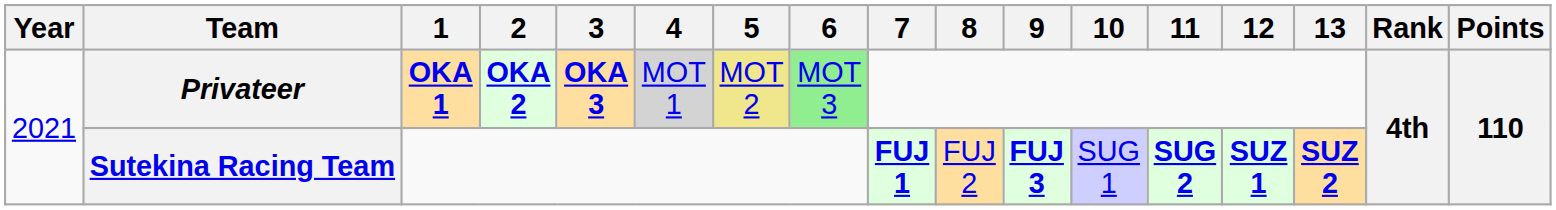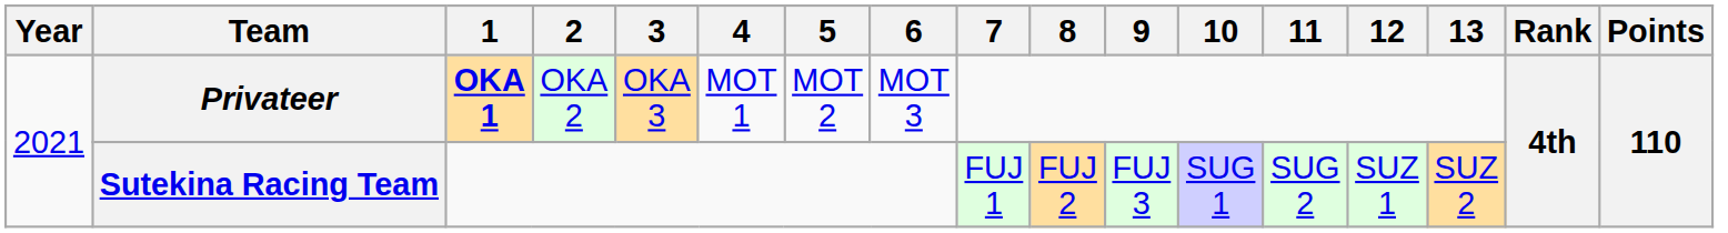 <table class="wikitable" style="text-align:center; font-size:85%">
 <tr>
 <th>Year</th>
 <th>Team</th>
 <th>1</th>
 <th>2</th>
 <th>3</th>
 <th>4</th>
 <th>5</th>
 <th>6</th>
 <th>7</th>
 <th>8</th>
 <th>9</th>
 <th>10</th>
 <th>11</th>
 <th>12</th>
 <th>13</th>
 <th>Rank</th>
 <th>Points</th>
 </tr>
 <tr>
 <td rowspan=2><a href='#'>2021</a></td>
 <th><em>Privateer</em></th>
 <td style="background:#FFDF9F"><strong><a href='#'>OKA<br>1</a></strong><br></td>
-<td style="background:#DFFFDF"><strong><a href='#'>OKA<br>2</a><br></strong></td>
-<td style="background:#FFDF9F"><strong><a href='#'>OKA<br>3</a><br></strong></td>
-<td style="background: lightgrey;"><a href='#'>MOT<br>1</a></td>
-<td style="background: khaki;"><a href='#'>MOT<br>2</a></td>
-<td style="background: lightgreen;"><a href='#'>MOT<br>3</a></td>
+<td style="background:#DFFFDF"><a href='#'>OKA<br>2</a><br></td>
+<td style="background:#FFDF9F"><a href='#'>OKA<br>3</a><br></td>
+<td><a href='#'>MOT<br>1</a></td>
+<td><a href='#'>MOT<br>2</a></td>
+<td><a href='#'>MOT<br>3</a></td>
 <td colspan=7></td>
 <th rowspan=2>4th</th>
 <th rowspan=2>110</th>
 </tr>
 <tr>
 <th nowrap><a href='#'>Sutekina Racing Team</a></th>
 <td colspan=6></td>
-<td style="background:#DFFFDF"><strong><a href='#'>FUJ<br>1</a><br></strong></td>
+<td style="background:#DFFFDF"><a href='#'>FUJ<br>1</a><br></td>
 <td style="background:#FFDF9F"><a href='#'>FUJ<br>2</a><br></td>
-<td style="background:#DFFFDF"><strong><a href='#'>FUJ<br>3</a><br></strong></td>
+<td style="background:#DFFFDF"><a href='#'>FUJ<br>3</a><br></td>
 <td style="background:#CFCFFF"><a href='#'>SUG<br>1</a><br></td>
-<td style="background:#DFFFDF"><strong><a href='#'>SUG<br>2</a><br></strong></td>
-<td style="background:#DFFFDF"><strong><a href='#'>SUZ<br>1</a><br></strong></td>
-<td style="background:#FFDF9F"><strong><a href='#'>SUZ<br>2</a><br></strong></td>
+<td style="background:#DFFFDF"><a href='#'>SUG<br>2</a><br></td>
+<td style="background:#DFFFDF"><a href='#'>SUZ<br>1</a><br></td>
+<td style="background:#FFDF9F"><a href='#'>SUZ<br>2</a><br></td>
 </tr>
 </table>
